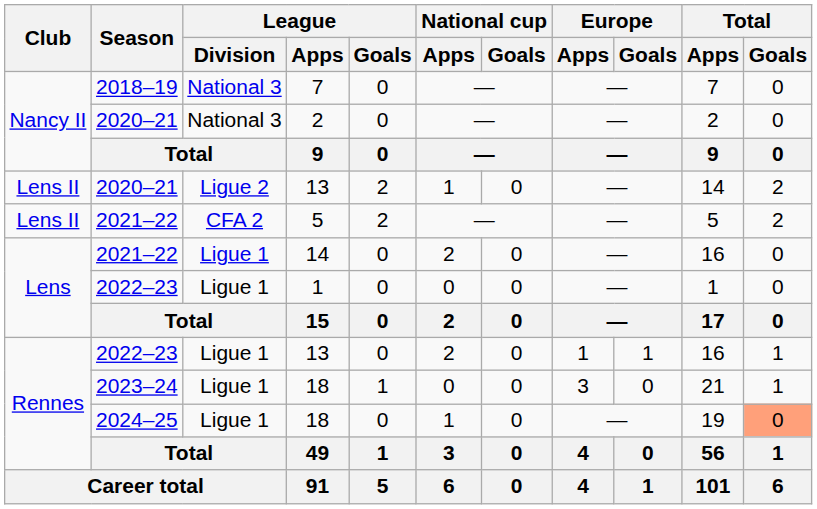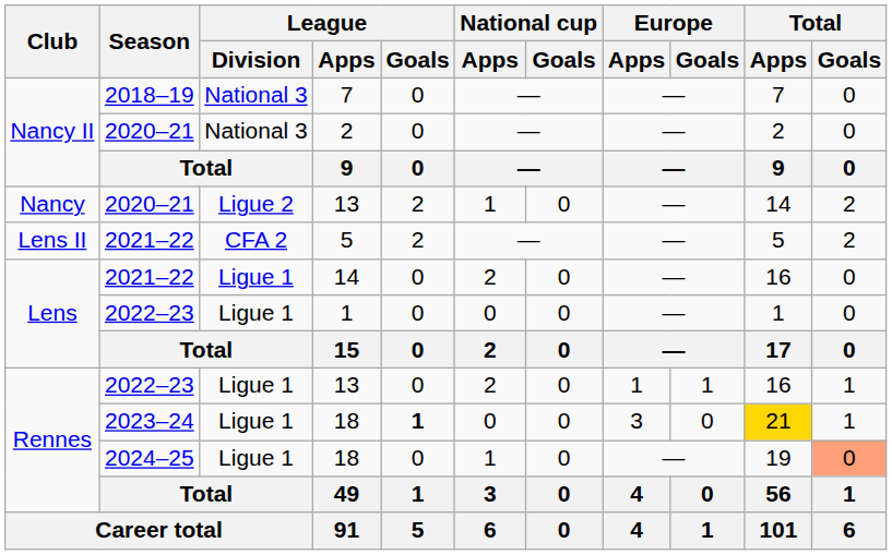 <table class="wikitable" style="text-align:center">
 <tr>
 <th rowspan="2">Club</th>
 <th rowspan="2">Season</th>
 <th colspan="3">League</th>
 <th colspan="2">National cup</th>
 <th colspan="2">Europe</th>
 <th colspan="2">Total</th>
 </tr>
 <tr>
 <th>Division</th>
 <th>Apps</th>
 <th>Goals</th>
 <th>Apps</th>
 <th>Goals</th>
 <th>Apps</th>
 <th>Goals</th>
 <th>Apps</th>
 <th>Goals</th>
 </tr>
 <tr>
 <td rowspan="3"><a href='#'>Nancy II</a></td>
 <td><a href='#'>2018–19</a></td>
 <td><a href='#'>National 3</a></td>
 <td>7</td>
 <td>0</td>
 <td colspan="2">—</td>
 <td colspan="2">—</td>
 <td>7</td>
 <td>0</td>
 </tr>
 <tr>
 <td><a href='#'>2020–21</a></td>
 <td>National 3</td>
 <td>2</td>
 <td>0</td>
 <td colspan="2">—</td>
 <td colspan="2">—</td>
 <td>2</td>
 <td>0</td>
 </tr>
 <tr>
 <th colspan="2">Total</th>
 <th>9</th>
 <th>0</th>
 <th colspan="2">—</th>
 <th colspan="2">—</th>
 <th>9</th>
 <th>0</th>
 </tr>
 <tr>
-<td><a href='#'>Lens II</a></td>
+<td><a href='#'>Nancy</a></td>
 <td><a href='#'>2020–21</a></td>
 <td><a href='#'>Ligue 2</a></td>
 <td>13</td>
 <td>2</td>
 <td>1</td>
 <td>0</td>
 <td colspan="2">—</td>
 <td>14</td>
 <td>2</td>
 </tr>
 <tr>
 <td><a href='#'>Lens II</a></td>
 <td><a href='#'>2021–22</a></td>
 <td><a href='#'>CFA 2</a></td>
 <td>5</td>
 <td>2</td>
 <td colspan="2">—</td>
 <td colspan="2">—</td>
 <td>5</td>
 <td>2</td>
 </tr>
 <tr>
 <td rowspan="3"><a href='#'>Lens</a></td>
 <td><a href='#'>2021–22</a></td>
 <td><a href='#'>Ligue 1</a></td>
 <td>14</td>
 <td>0</td>
 <td>2</td>
 <td>0</td>
 <td colspan="2">—</td>
 <td>16</td>
 <td>0</td>
 </tr>
 <tr>
 <td><a href='#'>2022–23</a></td>
 <td>Ligue 1</td>
 <td>1</td>
 <td>0</td>
 <td>0</td>
 <td>0</td>
 <td colspan="2">—</td>
 <td>1</td>
 <td>0</td>
 </tr>
 <tr>
 <th colspan="2">Total</th>
 <th>15</th>
 <th>0</th>
 <th>2</th>
 <th>0</th>
 <th colspan="2">—</th>
 <th>17</th>
 <th>0</th>
 </tr>
 <tr>
 <td rowspan="4"><a href='#'>Rennes</a></td>
 <td><a href='#'>2022–23</a></td>
 <td>Ligue 1</td>
 <td>13</td>
 <td>0</td>
 <td>2</td>
 <td>0</td>
 <td>1</td>
 <td>1</td>
 <td>16</td>
 <td>1</td>
 </tr>
 <tr>
 <td><a href='#'>2023–24</a></td>
 <td>Ligue 1</td>
 <td>18</td>
-<td>1</td>
+<td><strong>1</strong></td>
 <td>0</td>
 <td>0</td>
 <td>3</td>
 <td>0</td>
-<td>21</td>
+<td style="background: gold;">21</td>
 <td>1</td>
 </tr>
 <tr>
 <td><a href='#'>2024–25</a></td>
 <td>Ligue 1</td>
 <td>18</td>
 <td>0</td>
 <td>1</td>
 <td>0</td>
 <td colspan="2">—</td>
 <td>19</td>
 <td style="background: lightsalmon;">0</td>
 </tr>
 <tr>
 <th colspan="2">Total</th>
 <th>49</th>
 <th>1</th>
 <th>3</th>
 <th>0</th>
 <th>4</th>
 <th>0</th>
 <th>56</th>
 <th>1</th>
 </tr>
 <tr>
 <th colspan="3">Career total</th>
 <th>91</th>
 <th>5</th>
 <th>6</th>
 <th>0</th>
 <th>4</th>
 <th>1</th>
 <th>101</th>
 <th>6</th>
 </tr>
 </table>
